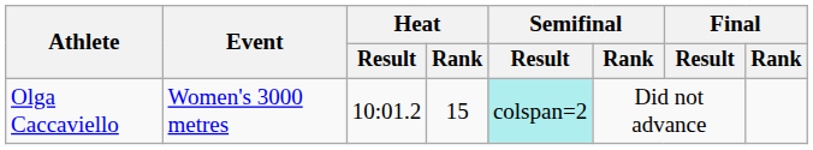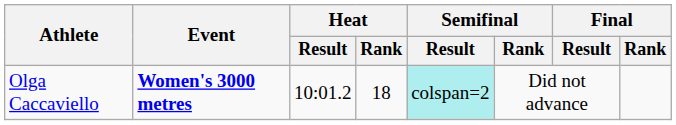 <table class="wikitable" style="font-size:90%; width:40%">
 <tr>
 <th rowspan="2">Athlete</th>
 <th rowspan="2">Event</th>
 <th colspan="2">Heat</th>
 <th colspan="2">Semifinal</th>
 <th colspan="2">Final</th>
 </tr>
 <tr style="font-size:95%">
 <th>Result</th>
 <th>Rank</th>
 <th>Result</th>
 <th>Rank</th>
 <th>Result</th>
 <th>Rank</th>
 </tr>
 <tr align=center>
 <td align=left><a href='#'>Olga Caccaviello</a></td>
-<td align=left><a href='#'>Women's 3000 metres</a></td>
+<td align=left><strong><a href='#'>Women's 3000 metres</a></strong></td>
 <td>10:01.2</td>
-<td>15</td>
+<td>18</td>
 <td style="background: paleturquoise;">colspan=2 </td>
 <td colspan=2>Did not advance</td>
 </tr>
 </table>
